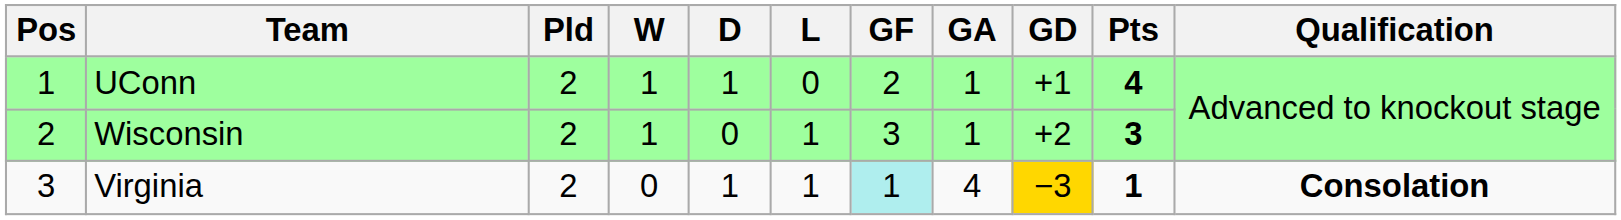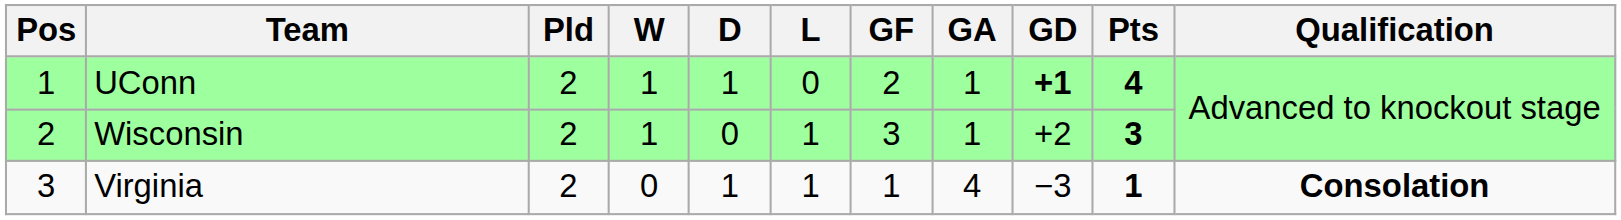 <table class="wikitable" style="text-align:center; margin: 1em auto">
 <tr>
 <th style=width:2em>Pos</th>
 <th style=width:13em>Team</th>
 <th style=width:2em>Pld</th>
 <th style=width:2em>W</th>
 <th style=width:2em>D</th>
 <th style=width:2em>L</th>
 <th style=width:2em>GF</th>
 <th style=width:2em>GA</th>
 <th style=width:2em>GD</th>
 <th style=width:2em>Pts</th>
 <th style=width:13em>Qualification</th>
 </tr>
 <tr bgcolor="#9eff9e">
 <td>1</td>
 <td style="text-align:left">UConn</td>
 <td>2</td>
 <td>1</td>
 <td>1</td>
 <td>0</td>
 <td>2</td>
 <td>1</td>
-<td>+1</td>
+<td><strong>+1</strong></td>
 <td><strong>4</strong></td>
 <td rowspan="2">Advanced to knockout stage</td>
 </tr>
 <tr bgcolor="#9eff9e">
 <td>2</td>
 <td style="text-align:left">Wisconsin</td>
 <td>2</td>
 <td>1</td>
 <td>0</td>
 <td>1</td>
 <td>3</td>
 <td>1</td>
 <td>+2</td>
 <td><strong>3</strong></td>
 </tr>
 <tr>
 <td>3</td>
 <td style="text-align:left">Virginia</td>
 <td>2</td>
 <td>0</td>
 <td>1</td>
 <td>1</td>
-<td style="background: paleturquoise;">1</td>
+<td>1</td>
 <td>4</td>
-<td style="background: gold;">−3</td>
+<td>−3</td>
 <td><strong>1</strong></td>
 <td><strong>Consolation</strong></td>
 </tr>
 </table>
